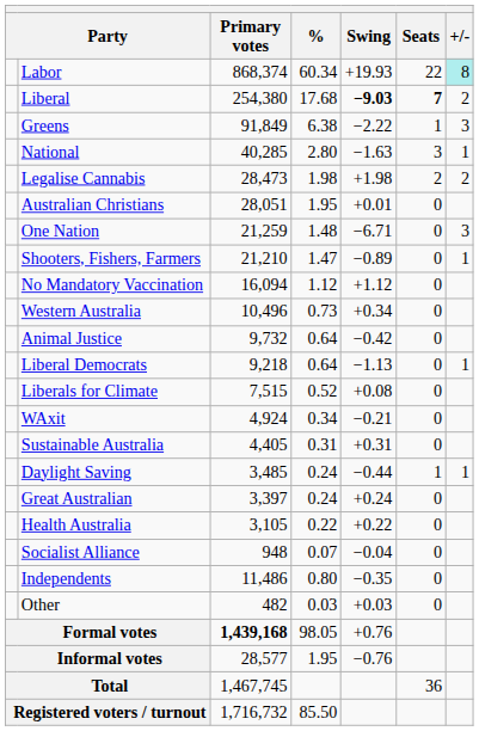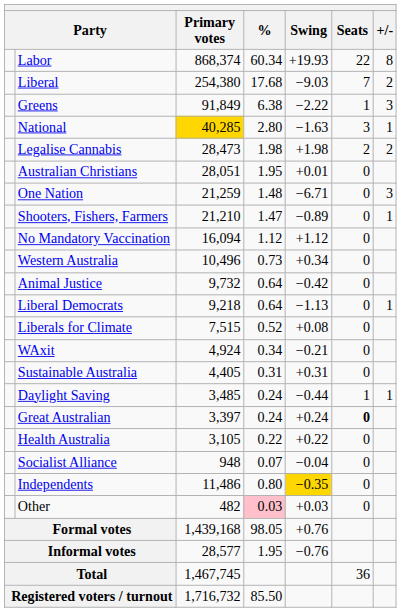 <table class="wikitable" style="text-align:right; margin-bottom:0">
 <tr>
 <th colspan="7"></th>
 </tr>
 <tr>
 <th colspan="2" style="width:10px">Party</th>
 <th style="width:70px;">Primary votes</th>
 <th style="width:40px;">%</th>
 <th style="width:45px;">Swing</th>
 <th style="width:40px;">Seats</th>
 <th>+/-</th>
 </tr>
 <tr>
 <td> </td>
 <td style="text-align:left;"><a href='#'>Labor</a></td>
 <td>868,374</td>
 <td>60.34</td>
 <td>+19.93</td>
 <td>22</td>
-<td style="background: paleturquoise;"> 8</td>
+<td> 8</td>
 </tr>
 <tr>
 <td> </td>
 <td style="text-align:left;"><a href='#'>Liberal</a></td>
 <td>254,380</td>
 <td>17.68</td>
-<td><strong>−9.03</strong></td>
-<td><strong>7</strong></td>
+<td>−9.03</td>
+<td>7</td>
 <td> 2</td>
 </tr>
 <tr>
 <td> </td>
 <td style="text-align:left;"><a href='#'>Greens</a></td>
 <td>91,849</td>
 <td>6.38</td>
 <td>−2.22</td>
 <td>1</td>
 <td> 3</td>
 </tr>
 <tr>
 <td> </td>
 <td style="text-align:left;"><a href='#'>National</a></td>
-<td>40,285</td>
+<td style="background: gold;">40,285</td>
 <td>2.80</td>
 <td>−1.63</td>
 <td>3</td>
 <td> 1</td>
 </tr>
 <tr>
 <td> </td>
 <td style="text-align:left;"><a href='#'>Legalise Cannabis</a></td>
 <td>28,473</td>
 <td>1.98</td>
 <td>+1.98</td>
 <td>2</td>
 <td> 2</td>
 </tr>
 <tr>
 <td> </td>
 <td style="text-align:left;"><a href='#'>Australian Christians</a></td>
 <td>28,051</td>
 <td>1.95</td>
 <td>+0.01</td>
 <td>0</td>
 <td></td>
 </tr>
 <tr>
 <td> </td>
 <td style="text-align:left;"><a href='#'>One Nation</a></td>
 <td>21,259</td>
 <td>1.48</td>
 <td>−6.71</td>
 <td>0</td>
 <td> 3</td>
 </tr>
 <tr>
 <td> </td>
 <td style="text-align:left;"><a href='#'>Shooters, Fishers, Farmers</a></td>
 <td>21,210</td>
 <td>1.47</td>
 <td>−0.89</td>
 <td>0</td>
 <td> 1</td>
 </tr>
 <tr>
 <td> </td>
 <td style="text-align:left;"><a href='#'>No Mandatory Vaccination</a></td>
 <td>16,094</td>
 <td>1.12</td>
 <td>+1.12</td>
 <td>0</td>
 <td></td>
 </tr>
 <tr>
 <td> </td>
 <td style="text-align:left;"><a href='#'>Western Australia</a></td>
 <td>10,496</td>
 <td>0.73</td>
 <td>+0.34</td>
 <td>0</td>
 <td></td>
 </tr>
 <tr>
 <td> </td>
 <td style="text-align:left;"><a href='#'>Animal Justice</a></td>
 <td>9,732</td>
 <td>0.64</td>
 <td>−0.42</td>
 <td>0</td>
 <td></td>
 </tr>
 <tr>
 <td> </td>
 <td style="text-align:left;"><a href='#'>Liberal Democrats</a></td>
 <td>9,218</td>
 <td>0.64</td>
 <td>−1.13</td>
 <td>0</td>
 <td> 1</td>
 </tr>
 <tr>
 <td> </td>
 <td style="text-align:left;"><a href='#'>Liberals for Climate</a></td>
 <td>7,515</td>
 <td>0.52</td>
 <td>+0.08</td>
 <td>0</td>
 <td></td>
 </tr>
 <tr>
 <td> </td>
 <td style="text-align:left;"><a href='#'>WAxit</a></td>
 <td>4,924</td>
 <td>0.34</td>
 <td>−0.21</td>
 <td>0</td>
 <td></td>
 </tr>
 <tr>
 <td> </td>
 <td style="text-align:left;"><a href='#'>Sustainable Australia</a></td>
 <td>4,405</td>
 <td>0.31</td>
 <td>+0.31</td>
 <td>0</td>
 <td></td>
 </tr>
 <tr>
 <td> </td>
 <td style="text-align:left;"><a href='#'>Daylight Saving</a></td>
 <td>3,485</td>
 <td>0.24</td>
 <td>−0.44</td>
 <td>1</td>
 <td> 1</td>
 </tr>
 <tr>
 <td> </td>
 <td style="text-align:left;"><a href='#'>Great Australian</a></td>
 <td>3,397</td>
 <td>0.24</td>
 <td>+0.24</td>
-<td>0</td>
+<td><strong>0</strong></td>
 <td></td>
 </tr>
 <tr>
 <td> </td>
 <td style="text-align:left;"><a href='#'>Health Australia</a></td>
 <td>3,105</td>
 <td>0.22</td>
 <td>+0.22</td>
 <td>0</td>
 <td></td>
 </tr>
 <tr>
 <td> </td>
 <td style="text-align:left;"><a href='#'>Socialist Alliance</a></td>
 <td>948</td>
 <td>0.07</td>
 <td>−0.04</td>
 <td>0</td>
 <td></td>
 </tr>
 <tr>
 <td> </td>
 <td style="text-align:left;"><a href='#'>Independents</a></td>
 <td>11,486</td>
 <td>0.80</td>
-<td>−0.35</td>
+<td style="background: gold;">−0.35</td>
 <td>0</td>
 <td></td>
 </tr>
 <tr>
 <td> </td>
 <td style="text-align:left;">Other</td>
 <td>482</td>
-<td>0.03</td>
+<td style="background: pink;">0.03</td>
 <td>+0.03</td>
 <td>0</td>
 <td></td>
 </tr>
 <tr>
 <th colspan="2" rowspan="1"> Formal votes</th>
-<td><strong>1,439,168</strong></td>
+<td>1,439,168</td>
 <td>98.05</td>
 <td>+0.76</td>
 <td></td>
 <td></td>
 </tr>
 <tr>
 <th colspan="2" rowspan="1"> Informal votes</th>
 <td>28,577</td>
 <td>1.95</td>
 <td>−0.76</td>
 <td></td>
 <td></td>
 </tr>
 <tr>
 <th colspan="2" rowspan="1"> <strong>Total</strong></th>
 <td>1,467,745</td>
 <td></td>
 <td></td>
 <td>36</td>
 <td></td>
 </tr>
 <tr>
 <th colspan="2" rowspan="1"> Registered voters / turnout</th>
 <td>1,716,732</td>
 <td>85.50</td>
 <td></td>
 <td></td>
 <td></td>
 </tr>
 </table>
